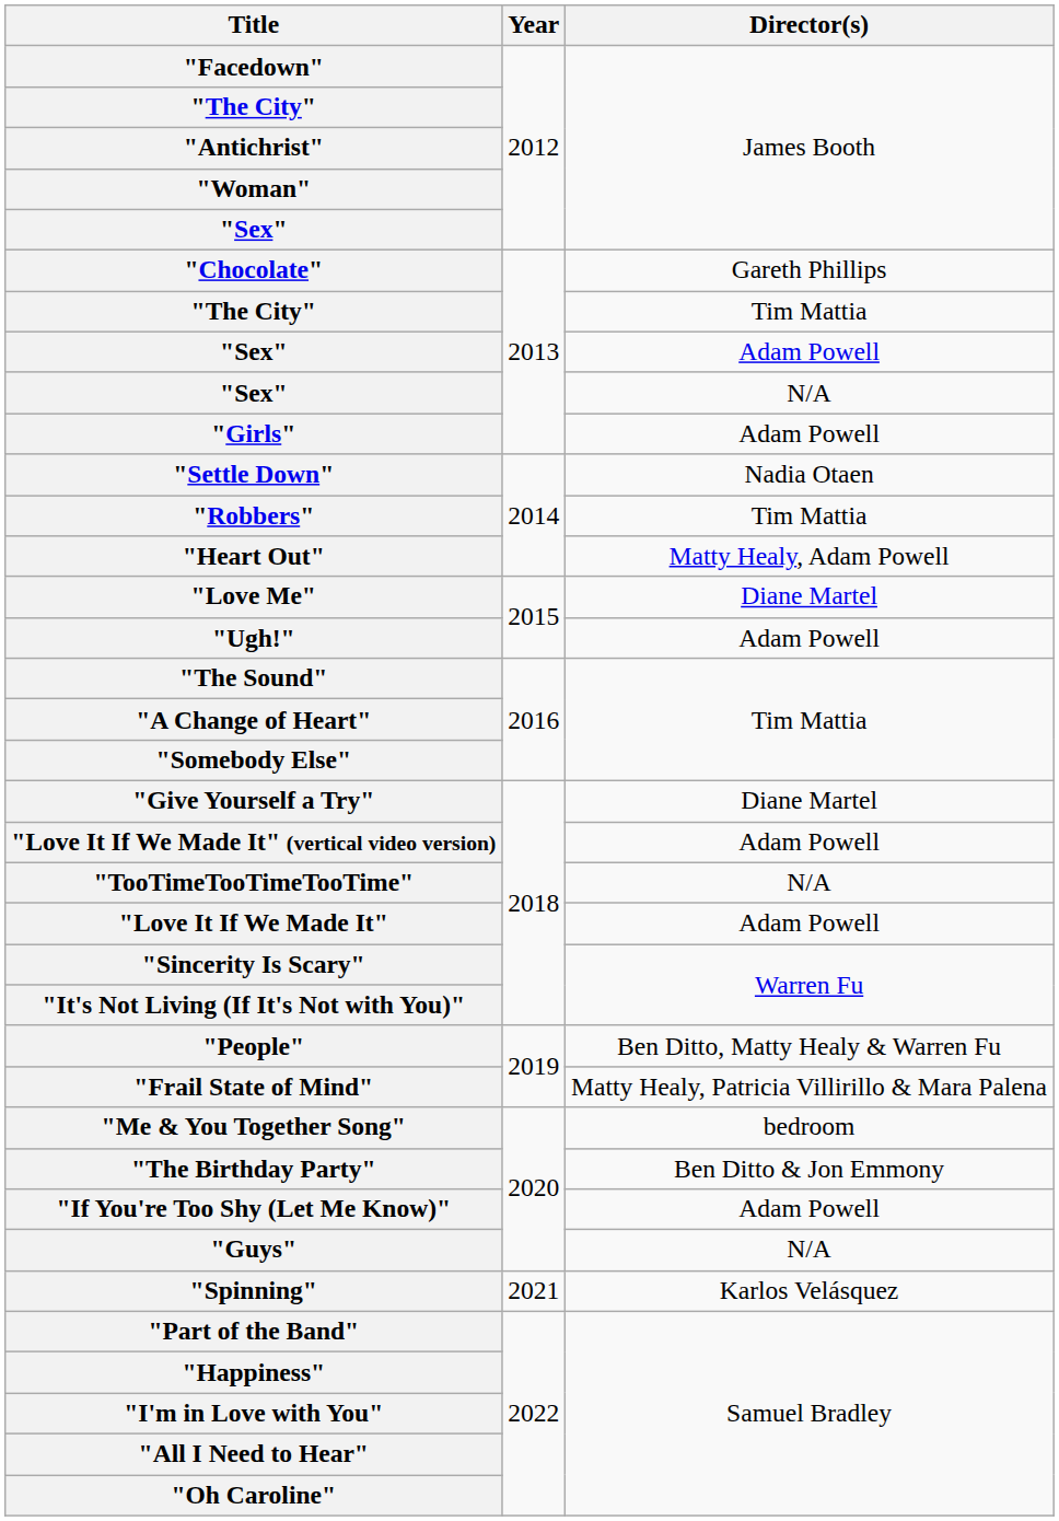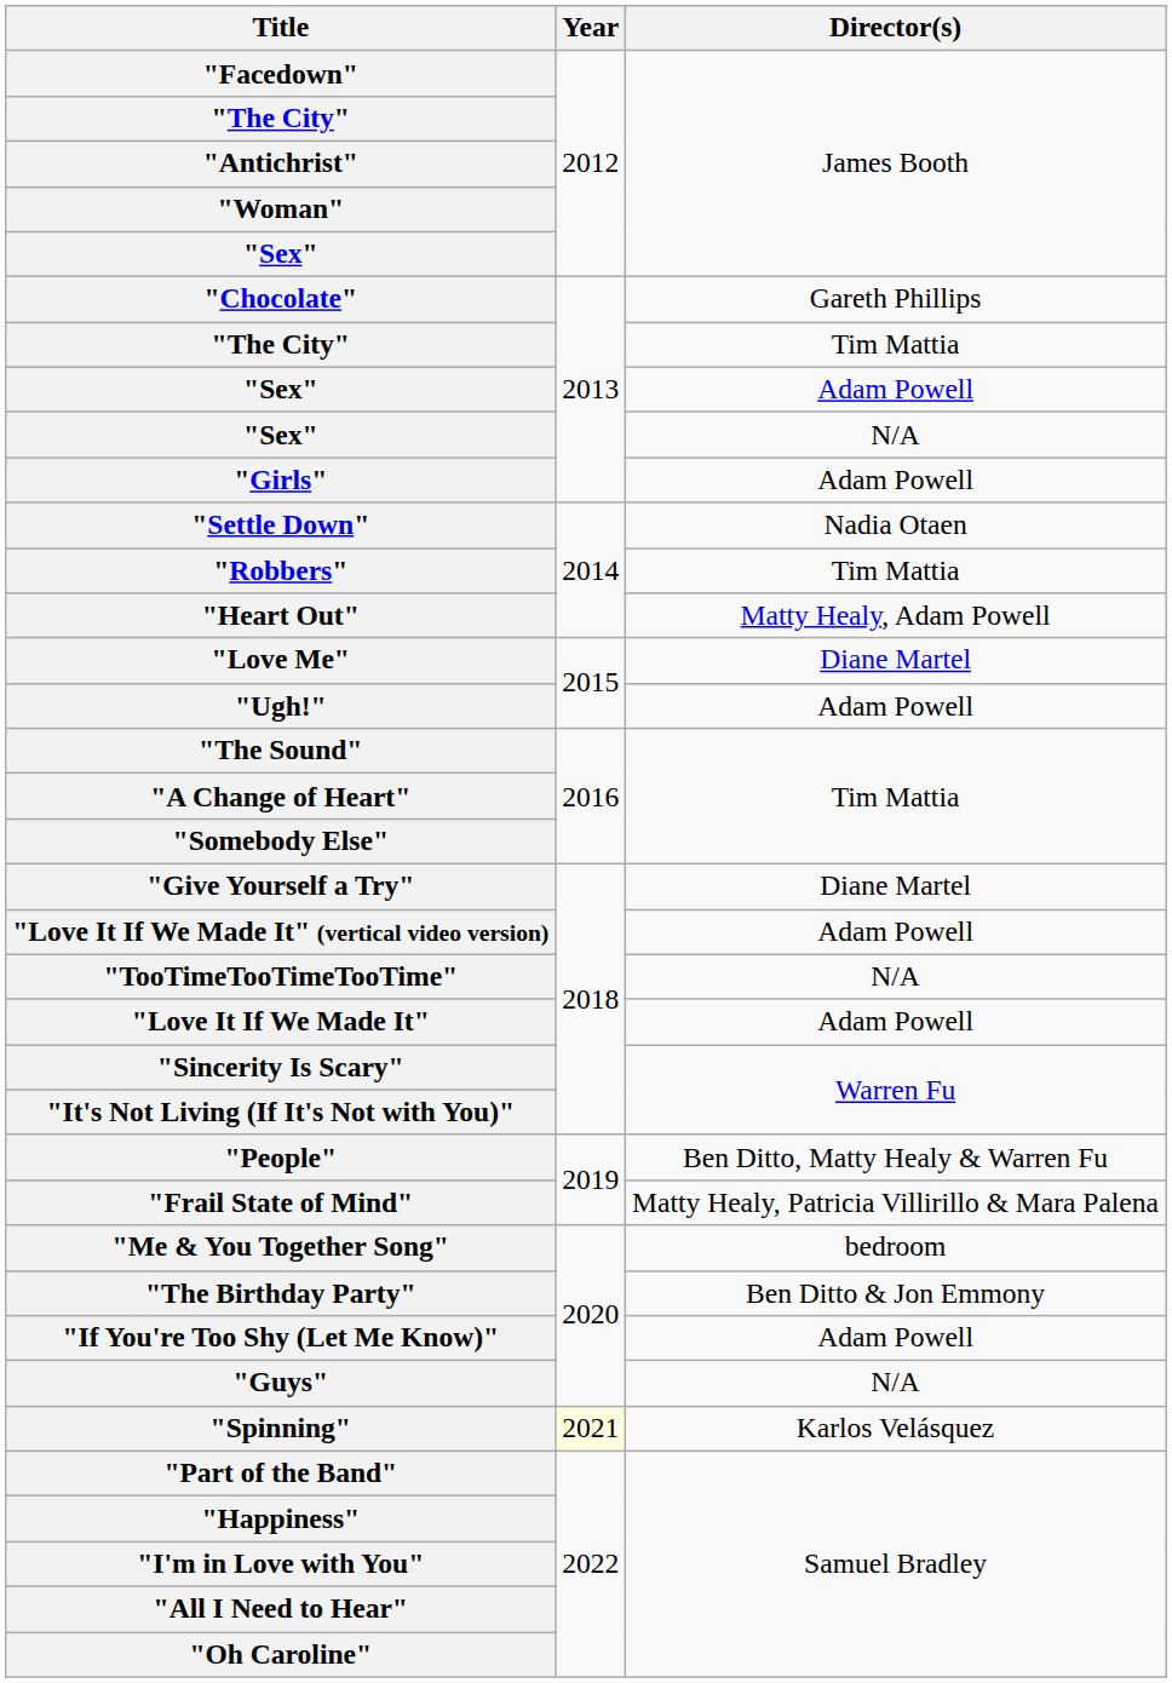 <table class="wikitable plainrowheaders" style="text-align:center;">
 <tr>
 <th scope="col">Title</th>
 <th scope="col">Year</th>
 <th scope="col">Director(s)</th>
 </tr>
 <tr>
 <th scope="row">"Facedown"</th>
 <td rowspan="5">2012</td>
 <td rowspan="5">James Booth</td>
 </tr>
 <tr>
 <th scope="row">"<a href='#'>The City</a>"</th>
 </tr>
 <tr>
 <th scope="row">"Antichrist"</th>
 </tr>
 <tr>
 <th scope="row">"Woman"</th>
 </tr>
 <tr>
 <th scope="row">"<a href='#'>Sex</a>" </th>
 </tr>
 <tr>
 <th scope="row">"<a href='#'>Chocolate</a>"</th>
 <td rowspan="5">2013</td>
 <td>Gareth Phillips</td>
 </tr>
 <tr>
 <th scope="row">"The City" </th>
 <td>Tim Mattia</td>
 </tr>
 <tr>
 <th scope="row">"Sex" </th>
 <td><a href='#'>Adam Powell</a></td>
 </tr>
 <tr>
 <th scope="row">"Sex" </th>
 <td>N/A</td>
 </tr>
 <tr>
 <th scope="row">"<a href='#'>Girls</a>"</th>
 <td>Adam Powell</td>
 </tr>
 <tr>
 <th scope="row">"<a href='#'>Settle Down</a>"</th>
 <td rowspan="3">2014</td>
 <td>Nadia Otaen</td>
 </tr>
 <tr>
 <th scope="row">"<a href='#'>Robbers</a>"</th>
 <td>Tim Mattia</td>
 </tr>
 <tr>
 <th scope="row">"Heart Out"</th>
 <td><a href='#'>Matty Healy</a>, Adam Powell</td>
 </tr>
 <tr>
 <th scope="row">"Love Me"</th>
 <td rowspan="2">2015</td>
 <td><a href='#'>Diane Martel</a></td>
 </tr>
 <tr>
 <th scope="row">"Ugh!"</th>
 <td>Adam Powell</td>
 </tr>
 <tr>
 <th scope="row">"The Sound"</th>
 <td rowspan="3">2016</td>
 <td rowspan="3">Tim Mattia</td>
 </tr>
 <tr>
 <th scope="row">"A Change of Heart"</th>
 </tr>
 <tr>
 <th scope="row">"Somebody Else"</th>
 </tr>
 <tr>
 <th scope="row">"Give Yourself a Try"</th>
 <td rowspan="6">2018</td>
 <td>Diane Martel</td>
 </tr>
 <tr>
 <th scope="row">"Love It If We Made It" <small>(vertical video version)</small></th>
 <td>Adam Powell</td>
 </tr>
 <tr>
 <th scope="row">"TooTimeTooTimeTooTime"</th>
 <td>N/A</td>
 </tr>
 <tr>
 <th scope="row">"Love It If We Made It"</th>
 <td>Adam Powell</td>
 </tr>
 <tr>
 <th scope="row">"Sincerity Is Scary"</th>
 <td rowspan="2"><a href='#'>Warren Fu</a></td>
 </tr>
 <tr>
 <th scope="row">"It's Not Living (If It's Not with You)"</th>
 </tr>
 <tr>
 <th scope="row">"People"</th>
 <td rowspan="2">2019</td>
 <td>Ben Ditto, Matty Healy & Warren Fu</td>
 </tr>
 <tr>
 <th scope="row">"Frail State of Mind"</th>
 <td>Matty Healy, Patricia Villirillo & Mara Palena</td>
 </tr>
 <tr>
 <th scope="row">"Me & You Together Song"</th>
 <td rowspan="4">2020</td>
 <td>bedroom</td>
 </tr>
 <tr>
 <th scope="row">"The Birthday Party"</th>
 <td>Ben Ditto & Jon Emmony</td>
 </tr>
 <tr>
 <th scope="row">"If You're Too Shy (Let Me Know)"</th>
 <td>Adam Powell</td>
 </tr>
 <tr>
 <th scope="row">"Guys"</th>
 <td>N/A</td>
 </tr>
 <tr>
 <th scope="row">"Spinning" </th>
-<td>2021</td>
+<td style="background: lightyellow;">2021</td>
 <td>Karlos Velásquez</td>
 </tr>
 <tr>
 <th scope="row">"Part of the Band"</th>
 <td rowspan="5">2022</td>
 <td rowspan="5">Samuel Bradley</td>
 </tr>
 <tr>
 <th scope="row">"Happiness"</th>
 </tr>
 <tr>
 <th scope="row">"I'm in Love with You"</th>
 </tr>
 <tr>
 <th scope="row">"All I Need to Hear"</th>
 </tr>
 <tr>
 <th scope="row">"Oh Caroline"</th>
 </tr>
 </table>
